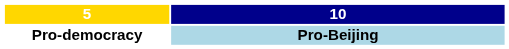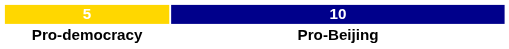 <table style="width:60%; text-align:center;">
 <tr style="color:white;">
 <td style="background:gold; width:33%;"><strong>5</strong></td>
 <td style="background:darkblue; width:67%;"><strong>10</strong></td>
 </tr>
 <tr>
 <td><span><strong>Pro-democracy</strong></span></td>
-<td style="background: lightblue;"><span><strong>Pro-Beijing</strong></span></td>
+<td><span><strong>Pro-Beijing</strong></span></td>
 </tr>
 </table>
